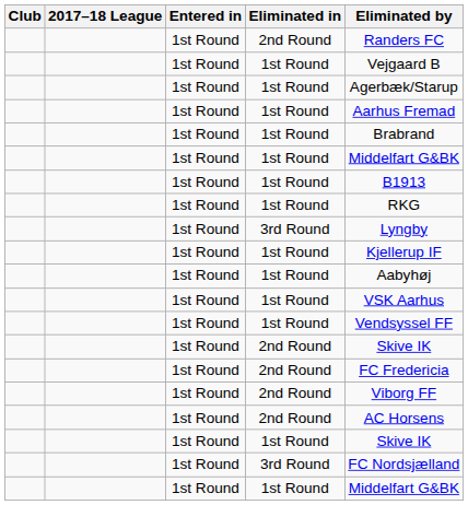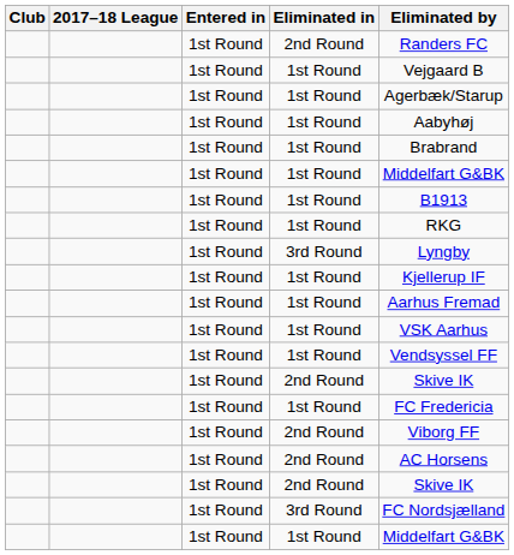 <table class="wikitable sortable">
 <tr>
 <th>Club</th>
 <th>2017–18 League</th>
 <th>Entered in</th>
 <th>Eliminated in</th>
 <th>Eliminated by</th>
 </tr>
 <tr>
 <td></td>
 <td></td>
 <td align="center">1st Round</td>
 <td align="center">2nd Round</td>
 <td align="center"><a href='#'>Randers FC</a></td>
 </tr>
 <tr>
 <td></td>
 <td></td>
 <td align="center">1st Round</td>
 <td align="center">1st Round</td>
 <td align="center">Vejgaard B</td>
 </tr>
 <tr>
 <td></td>
 <td></td>
 <td align="center">1st Round</td>
 <td align="center">1st Round</td>
 <td align="center">Agerbæk/Starup</td>
 </tr>
 <tr>
 <td></td>
 <td></td>
 <td align="center">1st Round</td>
 <td align="center">1st Round</td>
-<td align="center"><a href='#'>Aarhus Fremad</a></td>
+<td align="center">Aabyhøj</td>
 </tr>
 <tr>
 <td></td>
 <td></td>
 <td align="center">1st Round</td>
 <td align="center">1st Round</td>
 <td align="center">Brabrand</td>
 </tr>
 <tr>
 <td></td>
 <td></td>
 <td align="center">1st Round</td>
 <td align="center">1st Round</td>
 <td align="center"><a href='#'>Middelfart G&BK</a></td>
 </tr>
 <tr>
 <td></td>
 <td></td>
 <td align="center">1st Round</td>
 <td align="center">1st Round</td>
 <td align="center"><a href='#'>B1913</a></td>
 </tr>
 <tr>
 <td></td>
 <td></td>
 <td align="center">1st Round</td>
 <td align="center">1st Round</td>
 <td align="center">RKG</td>
 </tr>
 <tr>
 <td></td>
 <td></td>
 <td align="center">1st Round</td>
 <td align="center">3rd Round</td>
 <td align="center"><a href='#'>Lyngby</a></td>
 </tr>
 <tr>
 <td></td>
 <td></td>
 <td align="center">1st Round</td>
 <td align="center">1st Round</td>
 <td align="center"><a href='#'>Kjellerup IF</a></td>
 </tr>
 <tr>
 <td></td>
 <td></td>
 <td align="center">1st Round</td>
 <td align="center">1st Round</td>
-<td align="center">Aabyhøj</td>
+<td align="center"><a href='#'>Aarhus Fremad</a></td>
 </tr>
 <tr>
 <td></td>
 <td></td>
 <td align="center">1st Round</td>
 <td align="center">1st Round</td>
 <td align="center"><a href='#'>VSK Aarhus</a></td>
 </tr>
 <tr>
 <td></td>
 <td></td>
 <td align="center">1st Round</td>
 <td align="center">1st Round</td>
 <td align="center"><a href='#'>Vendsyssel FF</a></td>
 </tr>
 <tr>
 <td></td>
 <td></td>
 <td align="center">1st Round</td>
 <td align="center">2nd Round</td>
 <td align="center"><a href='#'>Skive IK</a></td>
 </tr>
 <tr>
 <td></td>
 <td></td>
 <td align="center">1st Round</td>
-<td align="center">2nd Round</td>
+<td align="center">1st Round</td>
 <td align="center"><a href='#'>FC Fredericia</a></td>
 </tr>
 <tr>
 <td></td>
 <td></td>
 <td align="center">1st Round</td>
 <td align="center">2nd Round</td>
 <td align="center"><a href='#'>Viborg FF</a></td>
 </tr>
 <tr>
 <td></td>
 <td></td>
 <td align="center">1st Round</td>
 <td align="center">2nd Round</td>
 <td align="center"><a href='#'>AC Horsens</a></td>
 </tr>
 <tr>
 <td></td>
 <td></td>
 <td align="center">1st Round</td>
-<td align="center">1st Round</td>
+<td align="center">2nd Round</td>
 <td align="center"><a href='#'>Skive IK</a></td>
 </tr>
 <tr>
 <td></td>
 <td></td>
 <td align="center">1st Round</td>
 <td align="center">3rd Round</td>
 <td align="center"><a href='#'>FC Nordsjælland</a></td>
 </tr>
 <tr>
 <td></td>
 <td></td>
 <td align="center">1st Round</td>
 <td align="center">1st Round</td>
 <td align="center"><a href='#'>Middelfart G&BK</a></td>
 </tr>
 </table>
